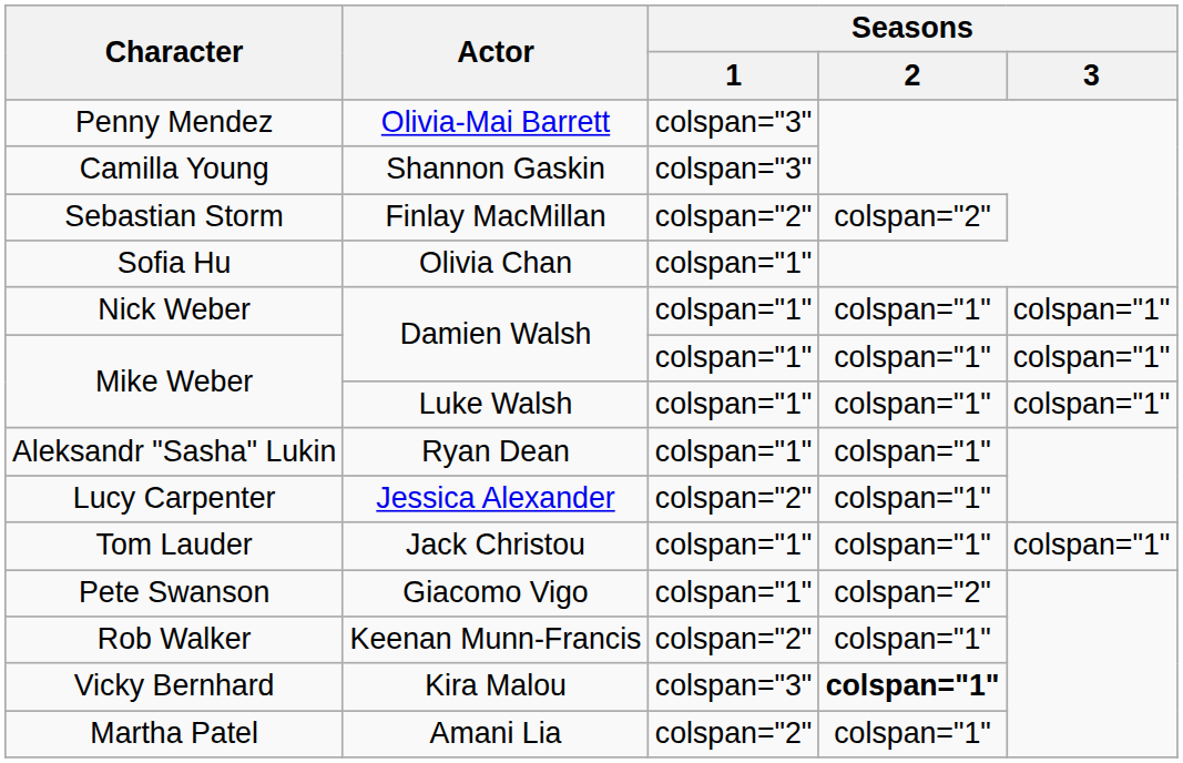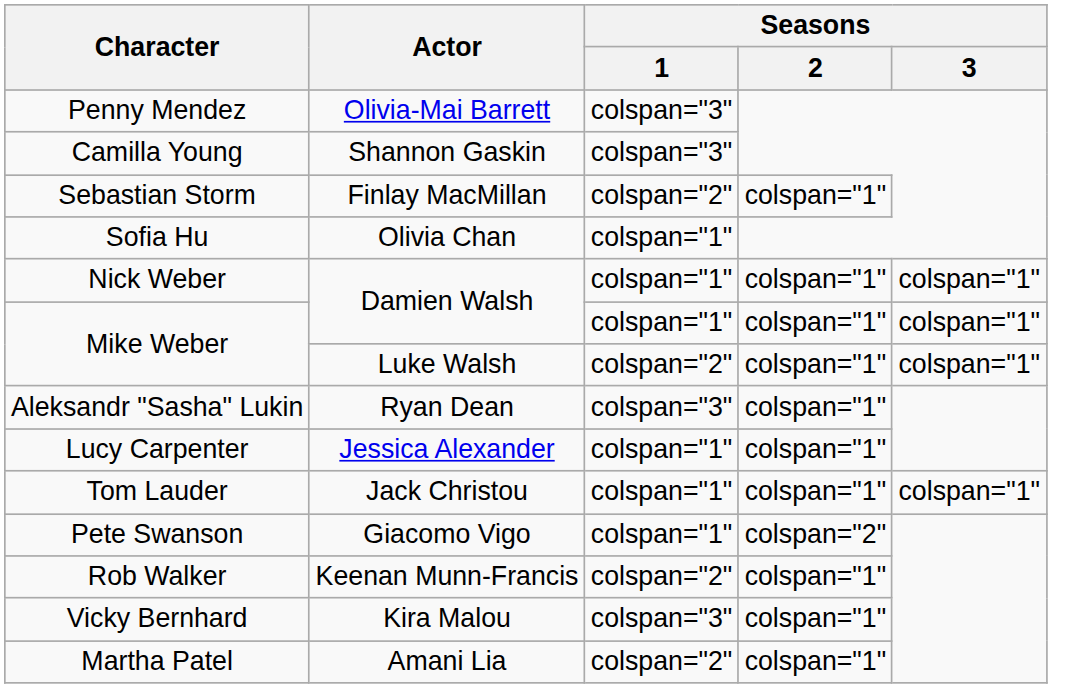 <table class="wikitable" style="text-align:center">
 <tr>
 <th rowspan="2">Character</th>
 <th rowspan="2">Actor</th>
 <th colspan="4">Seasons</th>
 </tr>
 <tr>
 <th>1</th>
 <th>2</th>
 <th>3</th>
 </tr>
 <tr>
 <td>Penny Mendez</td>
 <td><a href='#'>Olivia-Mai Barrett</a></td>
 <td>colspan="3" </td>
 </tr>
 <tr>
 <td>Camilla Young</td>
 <td>Shannon Gaskin</td>
 <td>colspan="3" </td>
 </tr>
 <tr>
 <td>Sebastian Storm</td>
 <td>Finlay MacMillan</td>
 <td>colspan="2" </td>
-<td>colspan="2" </td>
+<td>colspan="1" </td>
 </tr>
 <tr>
 <td>Sofia Hu</td>
 <td>Olivia Chan</td>
 <td>colspan="1" </td>
 </tr>
 <tr>
 <td>Nick Weber</td>
 <td rowspan="2">Damien Walsh</td>
 <td>colspan="1" </td>
 <td>colspan="1" </td>
 <td>colspan="1" </td>
 </tr>
 <tr>
 <td rowspan="2">Mike Weber</td>
 <td>colspan="1" </td>
 <td>colspan="1" </td>
 <td>colspan="1" </td>
 </tr>
 <tr>
 <td>Luke Walsh</td>
-<td>colspan="1" </td>
+<td>colspan="2" </td>
 <td>colspan="1" </td>
 <td>colspan="1" </td>
 </tr>
 <tr>
 <td>Aleksandr "Sasha" Lukin</td>
 <td>Ryan Dean</td>
-<td>colspan="1" </td>
+<td>colspan="3" </td>
 <td>colspan="1" </td>
 </tr>
 <tr>
 <td>Lucy Carpenter</td>
 <td><a href='#'>Jessica Alexander</a></td>
-<td>colspan="2" </td>
+<td>colspan="1" </td>
 <td>colspan="1" </td>
 </tr>
 <tr>
 <td>Tom Lauder</td>
 <td>Jack Christou</td>
 <td>colspan="1" </td>
 <td>colspan="1" </td>
 <td>colspan="1" </td>
 </tr>
 <tr>
 <td>Pete Swanson</td>
 <td>Giacomo Vigo</td>
 <td>colspan="1" </td>
 <td>colspan="2" </td>
 </tr>
 <tr>
 <td>Rob Walker</td>
 <td>Keenan Munn-Francis</td>
 <td>colspan="2" </td>
 <td>colspan="1" </td>
 </tr>
 <tr>
 <td>Vicky Bernhard</td>
 <td>Kira Malou</td>
 <td>colspan="3" </td>
-<td><strong>colspan="1" </strong></td>
+<td>colspan="1" </td>
 </tr>
 <tr>
 <td>Martha Patel</td>
 <td>Amani Lia</td>
 <td>colspan="2" </td>
 <td>colspan="1" </td>
 </tr>
 </table>
